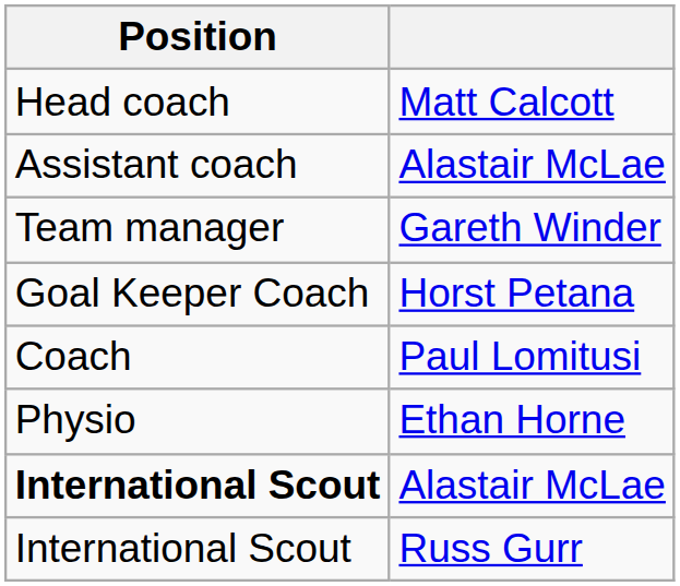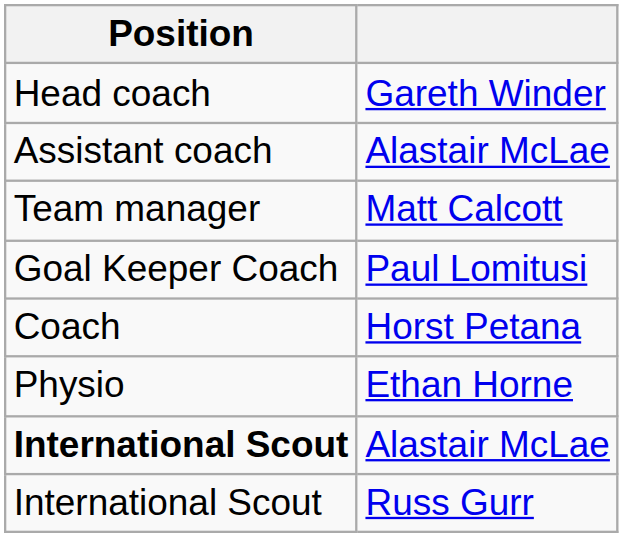 <table class=wikitable>
 <tr>
 <th>Position</th>
 <th></th>
 </tr>
 <tr>
 <td>Head coach</td>
-<td> <a href='#'>Matt Calcott</a></td>
+<td> <a href='#'>Gareth Winder</a></td>
 </tr>
 <tr>
 <td>Assistant coach</td>
 <td> <a href='#'>Alastair McLae</a></td>
 </tr>
 <tr>
 <td>Team manager</td>
-<td> <a href='#'>Gareth Winder</a></td>
+<td> <a href='#'>Matt Calcott</a></td>
 </tr>
 <tr>
 <td>Goal Keeper Coach</td>
-<td> <a href='#'>Horst Petana</a></td>
+<td> <a href='#'>Paul Lomitusi</a></td>
 </tr>
 <tr>
 <td>Coach</td>
-<td> <a href='#'>Paul Lomitusi</a></td>
+<td> <a href='#'>Horst Petana</a></td>
 </tr>
 <tr>
 <td>Physio</td>
 <td> <a href='#'>Ethan Horne</a></td>
 </tr>
 <tr>
 <td><strong>International Scout</strong></td>
 <td> <a href='#'>Alastair McLae</a></td>
 </tr>
 <tr>
 <td>International Scout</td>
 <td> <a href='#'>Russ Gurr</a></td>
 </tr>
 </table>
